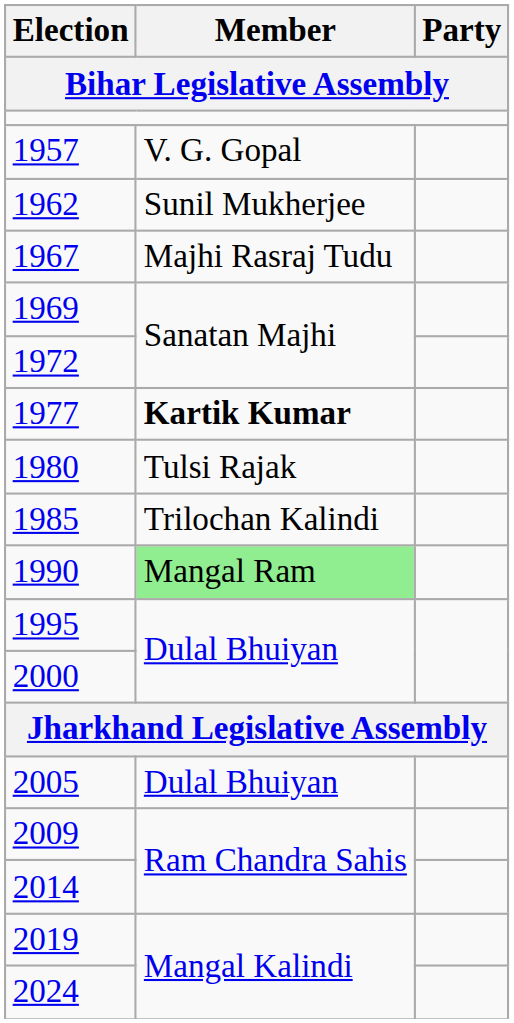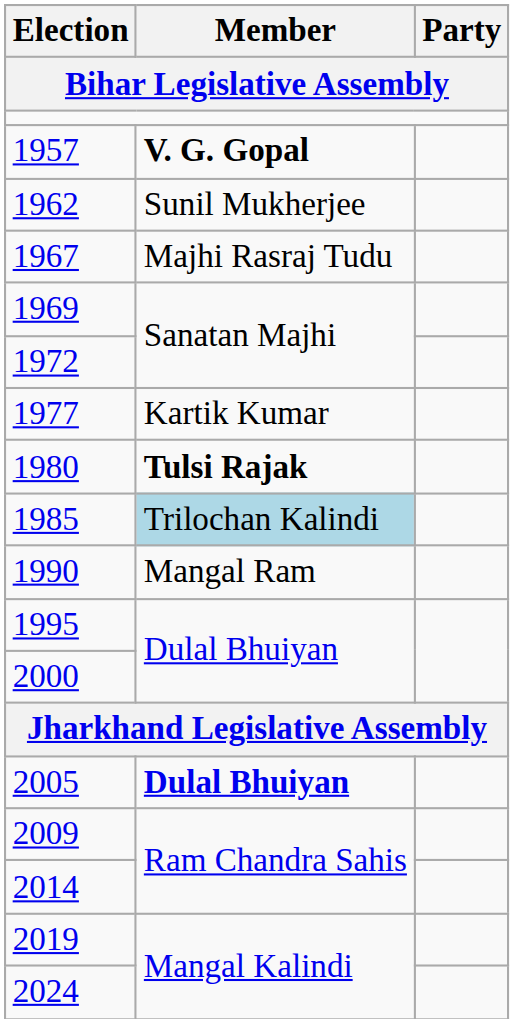 <table class="wikitable sortable">
 <tr>
 <th>Election</th>
 <th>Member</th>
 <th colspan=2>Party</th>
 </tr>
 <tr>
 <th colspan=4><a href='#'>Bihar Legislative Assembly</a></th>
 </tr>
 <tr>
 <td colspan="4"></td>
 </tr>
 <tr>
 <td><a href='#'>1957</a></td>
-<td>V. G. Gopal</td>
+<td><strong>V. G. Gopal</strong></td>
 <td></td>
 </tr>
 <tr>
 <td><a href='#'>1962</a></td>
 <td>Sunil Mukherjee</td>
 <td></td>
 </tr>
 <tr>
 <td><a href='#'>1967</a></td>
 <td>Majhi Rasraj Tudu</td>
 <td></td>
 </tr>
 <tr>
 <td><a href='#'>1969</a></td>
 <td rowspan="2">Sanatan Majhi</td>
 <td></td>
 </tr>
 <tr>
 <td><a href='#'>1972</a></td>
 </tr>
 <tr>
 <td><a href='#'>1977</a></td>
-<td><strong>Kartik Kumar</strong></td>
+<td>Kartik Kumar</td>
 <td></td>
 </tr>
 <tr>
 <td><a href='#'>1980</a></td>
-<td>Tulsi Rajak</td>
+<td><strong>Tulsi Rajak</strong></td>
 <td></td>
 </tr>
 <tr>
 <td><a href='#'>1985</a></td>
-<td>Trilochan Kalindi</td>
+<td style="background: lightblue;">Trilochan Kalindi</td>
 <td></td>
 </tr>
 <tr>
 <td><a href='#'>1990</a></td>
-<td style="background: lightgreen;">Mangal Ram</td>
+<td>Mangal Ram</td>
 <td></td>
 </tr>
 <tr>
 <td><a href='#'>1995</a></td>
 <td rowspan="2"><a href='#'>Dulal Bhuiyan</a></td>
 </tr>
 <tr>
 <td><a href='#'>2000</a></td>
 </tr>
 <tr>
 <th colspan=4><a href='#'>Jharkhand Legislative Assembly</a></th>
 </tr>
 <tr>
 <td><a href='#'>2005</a></td>
-<td><a href='#'>Dulal Bhuiyan</a></td>
+<td><strong><a href='#'>Dulal Bhuiyan</a></strong></td>
 <td></td>
 </tr>
 <tr>
 <td><a href='#'>2009</a></td>
 <td rowspan=2><a href='#'>Ram Chandra Sahis</a></td>
 <td></td>
 </tr>
 <tr>
 <td><a href='#'>2014</a></td>
 </tr>
 <tr>
 <td><a href='#'>2019</a></td>
 <td rowspan=2><a href='#'>Mangal Kalindi</a></td>
 <td></td>
 </tr>
 <tr>
 <td><a href='#'>2024</a></td>
 </tr>
 </table>
